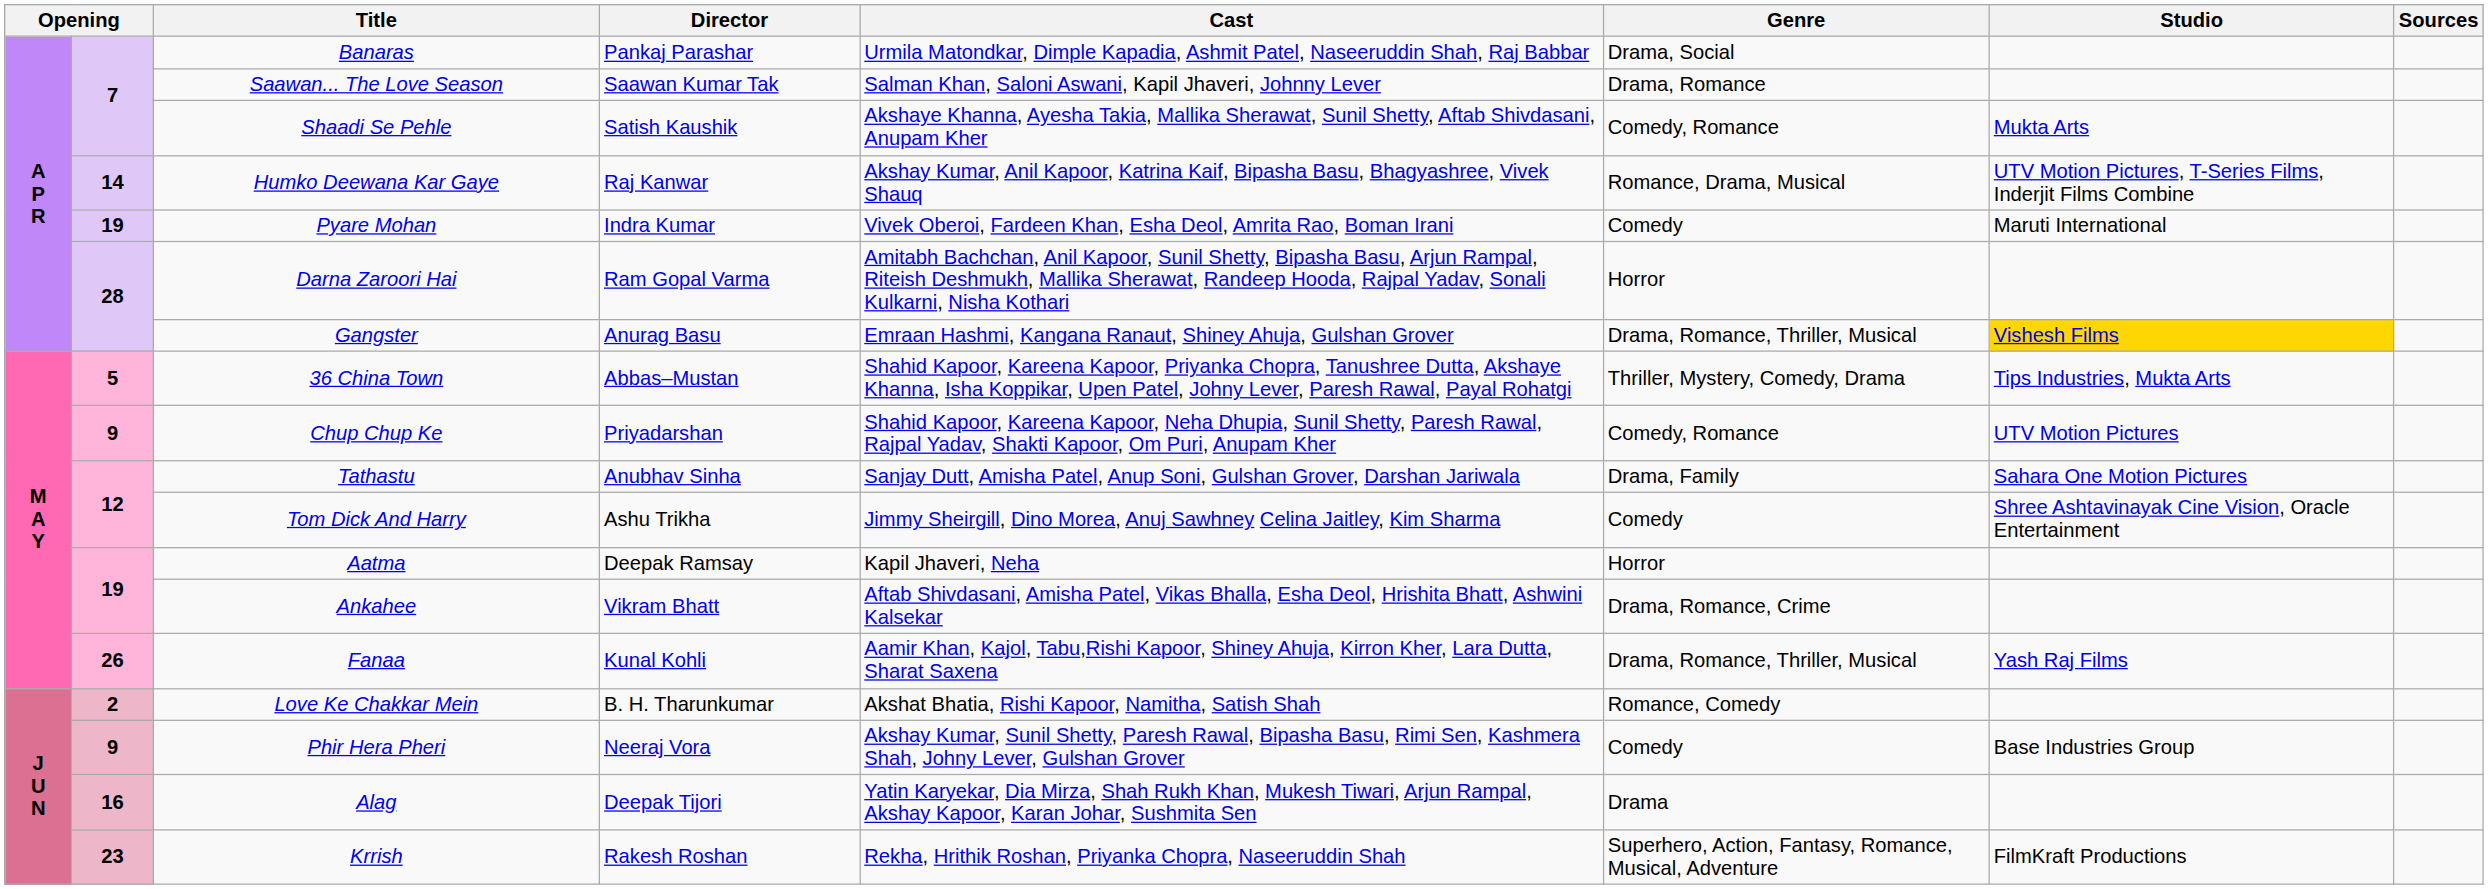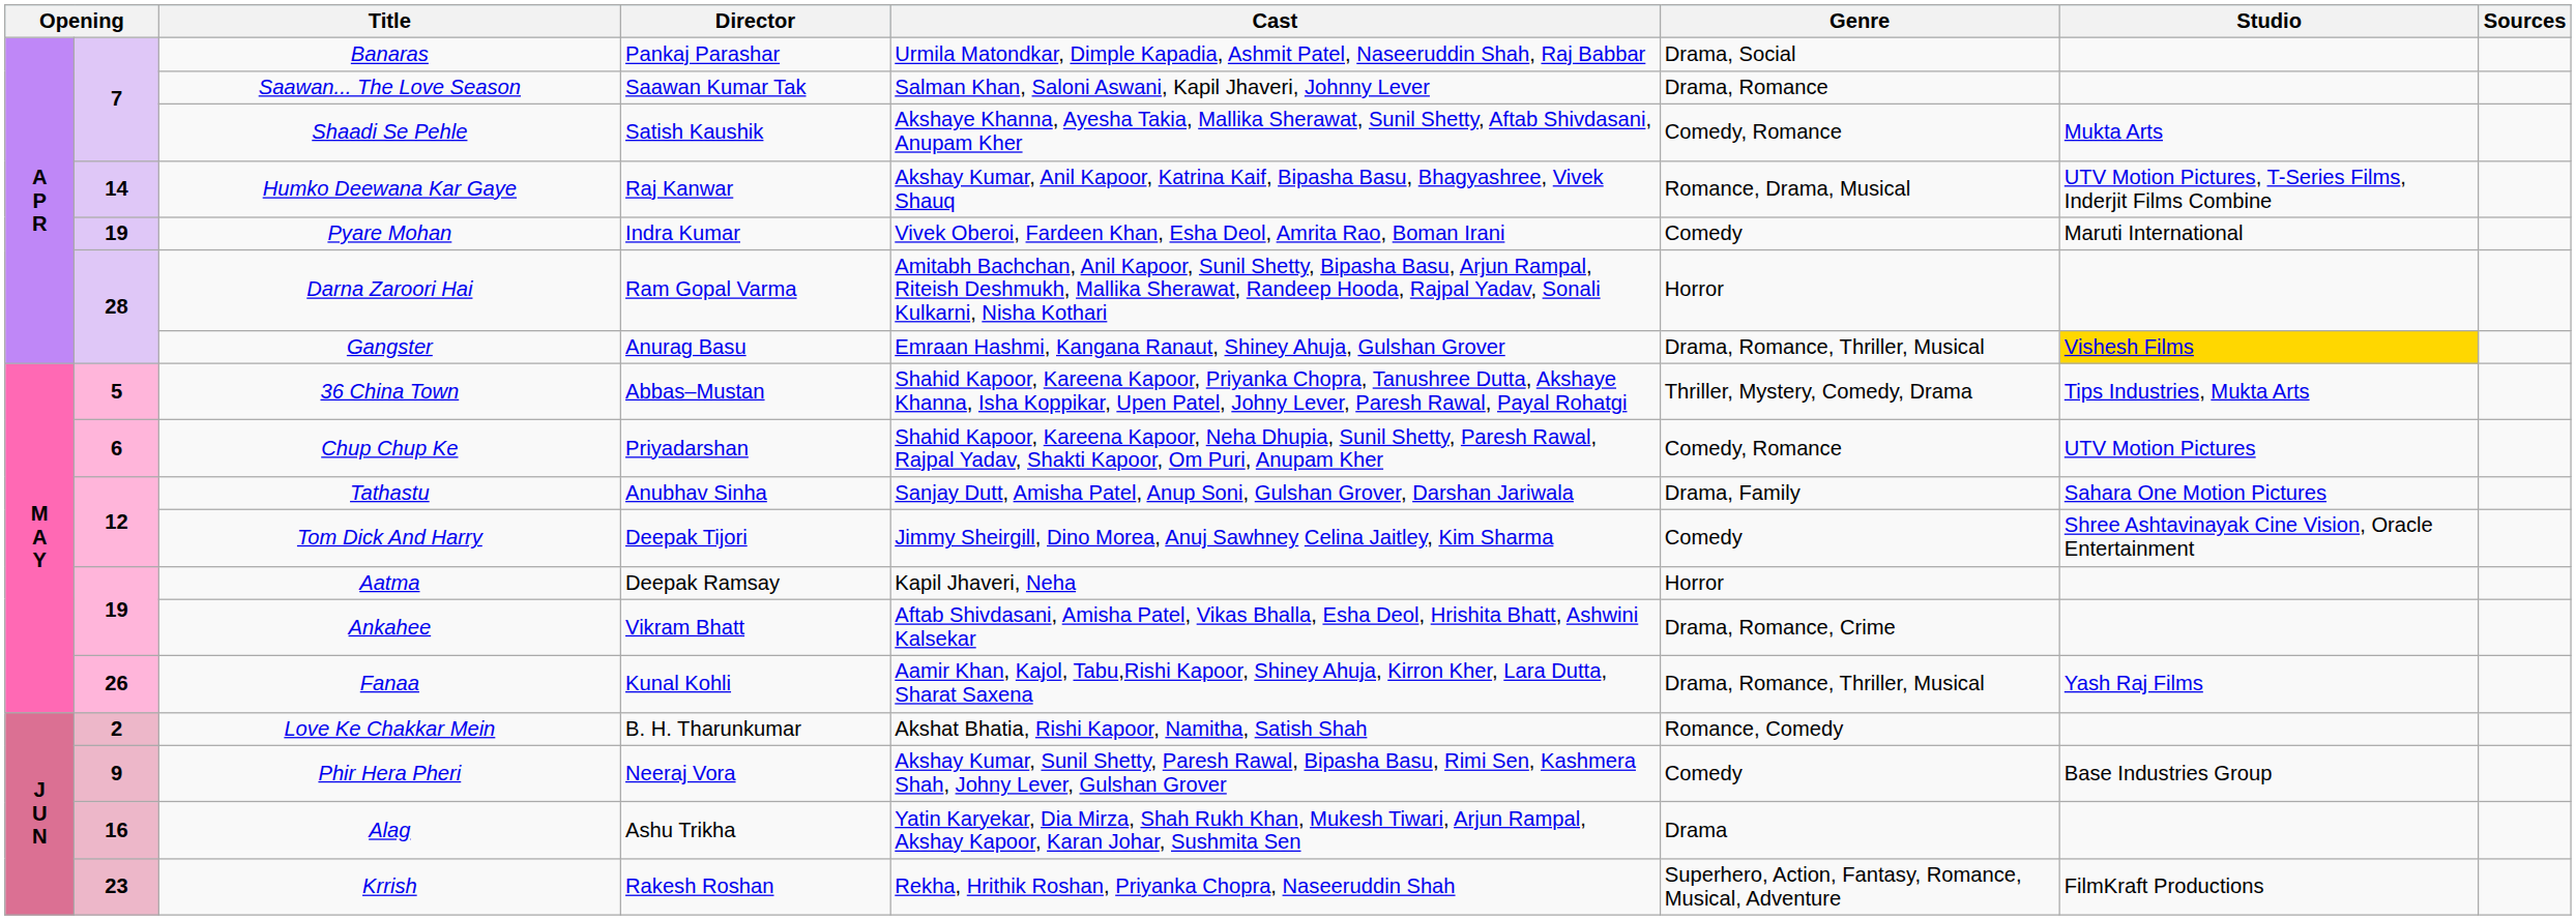 <table class="wikitable">
 <tr style="background:#b0e0e6;text-align:center;">
 <th colspan="2" style="width:6%;"><strong>Opening</strong></th>
 <th style="width:18%;"><strong>Title</strong></th>
 <th style="width:10.5%;"><strong>Director</strong></th>
 <th style="width:30%;"><strong>Cast</strong></th>
 <th>Genre</th>
 <th>Studio</th>
 <th>Sources</th>
 </tr>
 <tr>
 <td rowspan="7" style="text-align:center; background:#bf87f7;"><strong>A<br>P<br>R</strong></td>
 <td rowspan="3" style="text-align:center; background:#dfc7f7; textcolor:#000;"><strong>7</strong></td>
 <td style="text-align:center;"><em><a href='#'>Banaras</a></em></td>
 <td><a href='#'>Pankaj Parashar</a></td>
 <td><a href='#'>Urmila Matondkar</a>, <a href='#'>Dimple Kapadia</a>, <a href='#'>Ashmit Patel</a>, <a href='#'>Naseeruddin Shah</a>, <a href='#'>Raj Babbar</a></td>
 <td>Drama, Social</td>
 <td></td>
 <td></td>
 </tr>
 <tr>
 <td style="text-align:center;"><em><a href='#'>Saawan... The Love Season</a></em></td>
 <td><a href='#'>Saawan Kumar Tak</a></td>
 <td><a href='#'>Salman Khan</a>, <a href='#'>Saloni Aswani</a>, Kapil Jhaveri, <a href='#'>Johnny Lever</a></td>
 <td>Drama, Romance</td>
 <td></td>
 <td></td>
 </tr>
 <tr>
 <td style="text-align:center;"><em><a href='#'>Shaadi Se Pehle</a></em></td>
 <td><a href='#'>Satish Kaushik</a></td>
 <td><a href='#'>Akshaye Khanna</a>, <a href='#'>Ayesha Takia</a>, <a href='#'>Mallika Sherawat</a>, <a href='#'>Sunil Shetty</a>, <a href='#'>Aftab Shivdasani</a>, <a href='#'>Anupam Kher</a></td>
 <td>Comedy, Romance</td>
 <td><a href='#'>Mukta Arts</a></td>
 <td></td>
 </tr>
 <tr>
 <td rowspan="1" style="text-align:center; background:#dfc7f7; textcolor:#000;"><strong>14</strong></td>
 <td style="text-align:center;"><em><a href='#'>Humko Deewana Kar Gaye</a></em></td>
 <td><a href='#'>Raj Kanwar</a></td>
 <td><a href='#'>Akshay Kumar</a>, <a href='#'>Anil Kapoor</a>, <a href='#'>Katrina Kaif</a>, <a href='#'>Bipasha Basu</a>, <a href='#'>Bhagyashree</a>, <a href='#'>Vivek Shauq</a></td>
 <td>Romance, Drama, Musical</td>
 <td><a href='#'>UTV Motion Pictures</a>, <a href='#'>T-Series Films</a>, Inderjit Films Combine</td>
 <td></td>
 </tr>
 <tr>
 <td rowspan="1" style="text-align:center; background:#dfc7f7; textcolor:#000;"><strong>19</strong></td>
 <td style="text-align:center;"><em><a href='#'>Pyare Mohan</a></em></td>
 <td><a href='#'>Indra Kumar</a></td>
 <td><a href='#'>Vivek Oberoi</a>,  <a href='#'>Fardeen Khan</a>, <a href='#'>Esha Deol</a>, <a href='#'>Amrita Rao</a>, <a href='#'>Boman Irani</a></td>
 <td>Comedy</td>
 <td>Maruti International</td>
 <td></td>
 </tr>
 <tr>
 <td rowspan="2" style="text-align:center; background:#dfc7f7; textcolor:#000;"><strong>28</strong></td>
 <td style="text-align:center;"><em><a href='#'>Darna Zaroori Hai</a></em></td>
 <td><a href='#'>Ram Gopal Varma</a></td>
 <td><a href='#'>Amitabh Bachchan</a>, <a href='#'>Anil Kapoor</a>, <a href='#'>Sunil Shetty</a>, <a href='#'>Bipasha Basu</a>, <a href='#'>Arjun Rampal</a>, <a href='#'>Riteish Deshmukh</a>, <a href='#'>Mallika Sherawat</a>, <a href='#'>Randeep Hooda</a>, <a href='#'>Rajpal Yadav</a>, <a href='#'>Sonali Kulkarni</a>, <a href='#'>Nisha Kothari</a></td>
 <td>Horror</td>
 <td></td>
 <td></td>
 </tr>
 <tr>
 <td style="text-align:center;"><em><a href='#'>Gangster</a></em></td>
 <td><a href='#'>Anurag Basu</a></td>
 <td><a href='#'>Emraan Hashmi</a>, <a href='#'>Kangana Ranaut</a>, <a href='#'>Shiney Ahuja</a>, <a href='#'>Gulshan Grover</a></td>
 <td>Drama, Romance, Thriller, Musical</td>
 <td style="background: gold;"><a href='#'>Vishesh Films</a></td>
 <td></td>
 </tr>
 <tr>
 <td rowspan="7" style="text-align:center; background:hotPink;"><strong>M<br>A<br>Y</strong></td>
 <td rowspan="1" style="text-align:center; background:#ffb5da;"><strong>5</strong></td>
 <td style="text-align:center;"><em><a href='#'>36 China Town</a></em></td>
 <td><a href='#'>Abbas–Mustan</a></td>
 <td><a href='#'>Shahid Kapoor</a>, <a href='#'>Kareena Kapoor</a>, <a href='#'>Priyanka Chopra</a>, <a href='#'>Tanushree Dutta</a>, <a href='#'>Akshaye Khanna</a>, <a href='#'>Isha Koppikar</a>, <a href='#'>Upen Patel</a>, <a href='#'>Johny Lever</a>, <a href='#'>Paresh Rawal</a>, <a href='#'>Payal Rohatgi</a></td>
 <td>Thriller, Mystery, Comedy, Drama</td>
 <td><a href='#'>Tips Industries</a>, <a href='#'>Mukta Arts</a></td>
 <td></td>
 </tr>
 <tr>
-<td rowspan="1" style="text-align:center; background:#ffb5da;"><strong>9</strong></td>
+<td rowspan="1" style="text-align:center; background:#ffb5da;"><strong>6</strong></td>
 <td style="text-align:center;"><em><a href='#'>Chup Chup Ke</a></em></td>
 <td><a href='#'>Priyadarshan</a></td>
 <td><a href='#'>Shahid Kapoor</a>, <a href='#'>Kareena Kapoor</a>, <a href='#'>Neha Dhupia</a>, <a href='#'>Sunil Shetty</a>, <a href='#'>Paresh Rawal</a>, <a href='#'>Rajpal Yadav</a>, <a href='#'>Shakti Kapoor</a>, <a href='#'>Om Puri</a>, <a href='#'>Anupam Kher</a></td>
 <td>Comedy, Romance</td>
 <td><a href='#'>UTV Motion Pictures</a></td>
 <td></td>
 </tr>
 <tr>
 <td rowspan="2" style="text-align:center; textcolor:#000; background:#ffb5da;"><strong>12</strong></td>
 <td style="text-align:center;"><em><a href='#'>Tathastu</a></em></td>
 <td><a href='#'>Anubhav Sinha</a></td>
 <td><a href='#'>Sanjay Dutt</a>, <a href='#'>Amisha Patel</a>, <a href='#'>Anup Soni</a>, <a href='#'>Gulshan Grover</a>, <a href='#'>Darshan Jariwala</a></td>
 <td>Drama, Family</td>
 <td><a href='#'>Sahara One Motion Pictures</a></td>
 <td></td>
 </tr>
 <tr>
 <td style="text-align:center;"><em><a href='#'>Tom Dick And Harry</a></em></td>
-<td>Ashu Trikha</td>
+<td><a href='#'>Deepak Tijori</a></td>
 <td><a href='#'>Jimmy Sheirgill</a>, <a href='#'>Dino Morea</a>, <a href='#'>Anuj Sawhney</a> <a href='#'>Celina Jaitley</a>, <a href='#'>Kim Sharma</a></td>
 <td>Comedy</td>
 <td><a href='#'>Shree Ashtavinayak Cine Vision</a>, Oracle Entertainment</td>
 <td></td>
 </tr>
 <tr>
 <td rowspan="2" style="text-align:center; textcolor:#000; background: #ffb5da;"><strong>19</strong></td>
 <td style="text-align:center;"><em><a href='#'>Aatma</a></em></td>
 <td>Deepak Ramsay</td>
 <td>Kapil Jhaveri, <a href='#'>Neha</a></td>
 <td>Horror</td>
 <td></td>
 <td></td>
 </tr>
 <tr>
 <td style="text-align:center;"><em><a href='#'>Ankahee</a></em></td>
 <td><a href='#'>Vikram Bhatt</a></td>
 <td><a href='#'>Aftab Shivdasani</a>, <a href='#'>Amisha Patel</a>, <a href='#'>Vikas Bhalla</a>, <a href='#'>Esha Deol</a>, <a href='#'>Hrishita Bhatt</a>, <a href='#'>Ashwini Kalsekar</a></td>
 <td>Drama, Romance, Crime</td>
 <td></td>
 <td></td>
 </tr>
 <tr>
 <td rowspan="1" style="text-align:center; textcolor:#000; background: #ffb5da;"><strong>26</strong></td>
 <td style="text-align:center;"><em><a href='#'>Fanaa</a></em></td>
 <td><a href='#'>Kunal Kohli</a></td>
 <td><a href='#'>Aamir Khan</a>, <a href='#'>Kajol</a>, <a href='#'>Tabu</a>,<a href='#'>Rishi Kapoor</a>, <a href='#'>Shiney Ahuja</a>, <a href='#'>Kirron Kher</a>, <a href='#'>Lara Dutta</a>, <a href='#'>Sharat Saxena</a></td>
 <td>Drama, Romance, Thriller, Musical</td>
 <td><a href='#'>Yash Raj Films</a></td>
 <td></td>
 </tr>
 <tr>
 <td rowspan="4" style="text-align:center; background:#db7093; textcolor:#000;"><strong>J<br>U<br>N</strong></td>
 <td rowspan="1" style="text-align:center; background:#edb7c9;"><strong>2</strong></td>
 <td style="text-align:center;"><em><a href='#'>Love Ke Chakkar Mein</a></em></td>
 <td>B. H. Tharunkumar</td>
 <td>Akshat Bhatia, <a href='#'>Rishi Kapoor</a>, <a href='#'>Namitha</a>, <a href='#'>Satish Shah</a></td>
 <td>Romance, Comedy</td>
 <td></td>
 <td></td>
 </tr>
 <tr>
 <td rowspan="1" style="text-align:center; background:#edb7c9;"><strong>9</strong></td>
 <td style="text-align:center;"><em><a href='#'>Phir Hera Pheri</a></em></td>
 <td><a href='#'>Neeraj Vora</a></td>
 <td><a href='#'>Akshay Kumar</a>, <a href='#'>Sunil Shetty</a>, <a href='#'>Paresh Rawal</a>, <a href='#'>Bipasha Basu</a>, <a href='#'>Rimi Sen</a>, <a href='#'>Kashmera Shah</a>, <a href='#'>Johny Lever</a>, <a href='#'>Gulshan Grover</a></td>
 <td>Comedy</td>
 <td>Base Industries Group</td>
 <td></td>
 </tr>
 <tr>
 <td rowspan="1" style="text-align:center;background:#edb7c9;"><strong>16</strong></td>
 <td style="text-align:center;"><em><a href='#'>Alag</a></em></td>
-<td><a href='#'>Deepak Tijori</a></td>
+<td>Ashu Trikha</td>
 <td><a href='#'>Yatin Karyekar</a>, <a href='#'>Dia Mirza</a>, <a href='#'>Shah Rukh Khan</a>, <a href='#'>Mukesh Tiwari</a>, <a href='#'>Arjun Rampal</a>, <a href='#'>Akshay Kapoor</a>, <a href='#'>Karan Johar</a>, <a href='#'>Sushmita Sen</a></td>
 <td>Drama</td>
 <td></td>
 <td></td>
 </tr>
 <tr>
 <td rowspan="1" style="text-align:center;background:#edb7c9;"><strong>23</strong></td>
 <td style="text-align:center;"><em><a href='#'>Krrish</a></em></td>
 <td><a href='#'>Rakesh Roshan</a></td>
 <td><a href='#'>Rekha</a>, <a href='#'>Hrithik Roshan</a>, <a href='#'>Priyanka Chopra</a>, <a href='#'>Naseeruddin Shah</a></td>
 <td>Superhero, Action, Fantasy, Romance, Musical, Adventure</td>
 <td>FilmKraft Productions</td>
 <td></td>
 </tr>
 </table>
